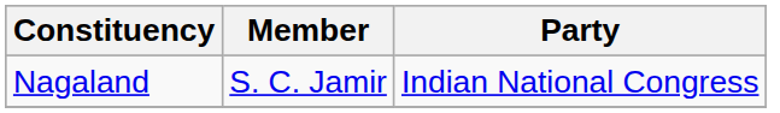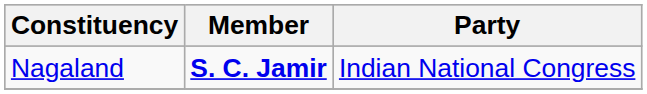 <table class="wikitable sortable">
 <tr>
 <th>Constituency</th>
 <th>Member</th>
 <th>Party</th>
 </tr>
 <tr>
 <td><a href='#'>Nagaland</a></td>
-<td><a href='#'>S. C. Jamir</a></td>
+<td><strong><a href='#'>S. C. Jamir</a></strong></td>
 <td><a href='#'>Indian National Congress</a></td>
 </tr>
 <tr>
 </tr>
 </table>
